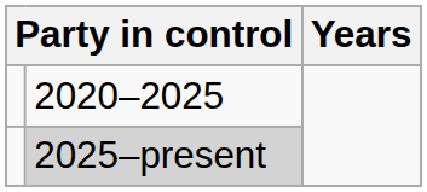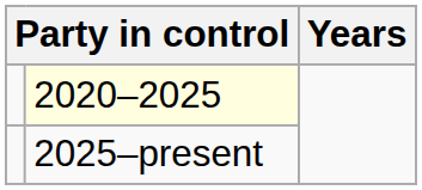 <table class="wikitable">
 <tr>
 <th colspan="2">Party in control</th>
 <th>Years</th>
 </tr>
 <tr>
 <td></td>
-<td>2020–2025</td>
+<td style="background: lightyellow;">2020–2025</td>
 </tr>
 <tr>
 <td></td>
-<td style="background: lightgrey;">2025–present</td>
+<td>2025–present</td>
 </tr>
 </table>
